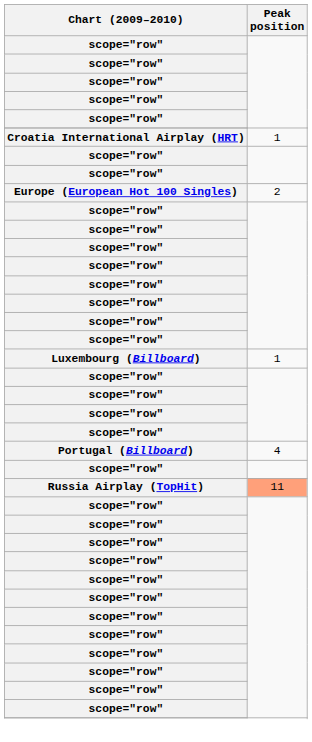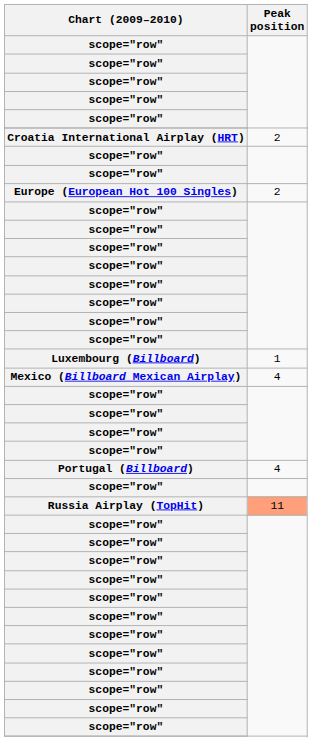 <table class="wikitable sortable plainrowheaders">
 <tr>
 <th>Chart (2009–2010)</th>
 <th>Peak<br>position</th>
 </tr>
 <tr>
 <th>scope="row" </th>
 </tr>
 <tr>
 <th>scope="row" </th>
 </tr>
 <tr>
 <th>scope="row" </th>
 </tr>
 <tr>
 <th>scope="row" </th>
 </tr>
 <tr>
 <th>scope="row" </th>
 </tr>
 <tr>
 </tr>
 <tr>
 <th scope="row">Croatia International Airplay (<a href='#'>HRT</a>)</th>
-<td align="center">1</td>
+<td align="center">2</td>
 </tr>
 <tr>
 <th>scope="row" </th>
 </tr>
 <tr>
 <th>scope="row" </th>
 </tr>
 <tr>
 <th scope="row">Europe (<a href='#'>European Hot 100 Singles</a>)</th>
 <td align="center">2</td>
 </tr>
 <tr>
 <th>scope="row" </th>
 </tr>
 <tr>
 <th>scope="row" </th>
 </tr>
 <tr>
 <th>scope="row" </th>
 </tr>
 <tr>
 <th>scope="row" </th>
 </tr>
 <tr>
 <th>scope="row" </th>
 </tr>
 <tr>
 <th>scope="row" </th>
 </tr>
 <tr>
 <th>scope="row" </th>
 </tr>
 <tr>
 <th>scope="row" </th>
 </tr>
 <tr>
 <th scope="row">Luxembourg (<a href='#'><em>Billboard</em></a>)</th>
 <td align="center">1</td>
+</tr>
+<tr>
+<th scope="row">Mexico (<a href='#'><em>Billboard</em> Mexican Airplay</a>)</th>
+<td align="center">4</td>
 </tr>
 <tr>
 <th>scope="row" </th>
 </tr>
 <tr>
 <th>scope="row" </th>
 </tr>
 <tr>
 <th>scope="row" </th>
 </tr>
 <tr>
 <th>scope="row" </th>
 </tr>
 <tr>
 <th scope="row">Portugal (<em><a href='#'>Billboard</a></em>)</th>
 <td align="center">4</td>
 </tr>
 <tr>
 <th>scope="row" </th>
 </tr>
 <tr>
 <th scope="row">Russia Airplay (<a href='#'>TopHit</a>)</th>
 <td align="center" style="background: lightsalmon;">11</td>
 </tr>
 <tr>
 <th>scope="row" </th>
 </tr>
 <tr>
 <th>scope="row" </th>
 </tr>
 <tr>
 <th>scope="row" </th>
 </tr>
 <tr>
 <th>scope="row" </th>
 </tr>
 <tr>
 <th>scope="row" </th>
 </tr>
 <tr>
 <th>scope="row" </th>
 </tr>
 <tr>
 <th>scope="row" </th>
 </tr>
 <tr>
 <th>scope="row" </th>
 </tr>
 <tr>
 <th>scope="row" </th>
 </tr>
 <tr>
 <th>scope="row" </th>
 </tr>
 <tr>
 <th>scope="row" </th>
 </tr>
 <tr>
 <th>scope="row" </th>
 </tr>
 <tr>
 </tr>
 </table>
